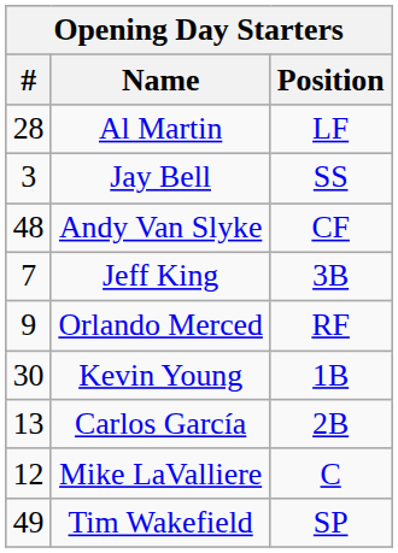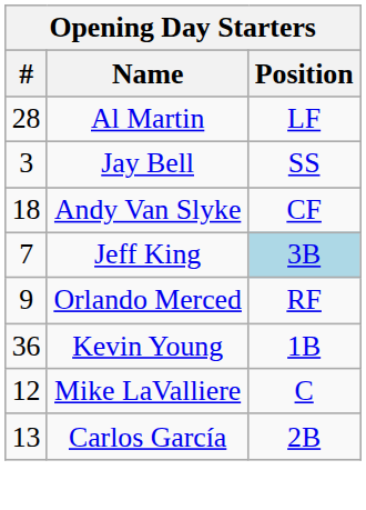 <table class="wikitable" style="text-align:center">
 <tr>
 <th colspan="3">Opening Day Starters</th>
 </tr>
 <tr>
 <th>#</th>
 <th>Name</th>
 <th>Position</th>
 </tr>
 <tr>
 <td>28</td>
 <td><a href='#'>Al Martin</a></td>
 <td><a href='#'>LF</a></td>
 </tr>
 <tr>
 <td>3</td>
 <td><a href='#'>Jay Bell</a></td>
 <td><a href='#'>SS</a></td>
 </tr>
 <tr>
-<td>48</td>
+<td>18</td>
 <td><a href='#'>Andy Van Slyke</a></td>
 <td><a href='#'>CF</a></td>
 </tr>
 <tr>
 <td>7</td>
 <td><a href='#'>Jeff King</a></td>
-<td><a href='#'>3B</a></td>
+<td style="background: lightblue;"><a href='#'>3B</a></td>
 </tr>
 <tr>
 <td>9</td>
 <td><a href='#'>Orlando Merced</a></td>
 <td><a href='#'>RF</a></td>
 </tr>
 <tr>
-<td>30</td>
+<td>36</td>
 <td><a href='#'>Kevin Young</a></td>
 <td><a href='#'>1B</a></td>
-</tr>
-<tr>
-<td>13</td>
-<td><a href='#'>Carlos García</a></td>
-<td><a href='#'>2B</a></td>
 </tr>
 <tr>
 <td>12</td>
 <td><a href='#'>Mike LaValliere</a></td>
 <td><a href='#'>C</a></td>
 </tr>
 <tr>
-<td>49</td>
-<td><a href='#'>Tim Wakefield</a></td>
-<td><a href='#'>SP</a></td>
+<td>13</td>
+<td><a href='#'>Carlos García</a></td>
+<td><a href='#'>2B</a></td>
 </tr>
 </table>
